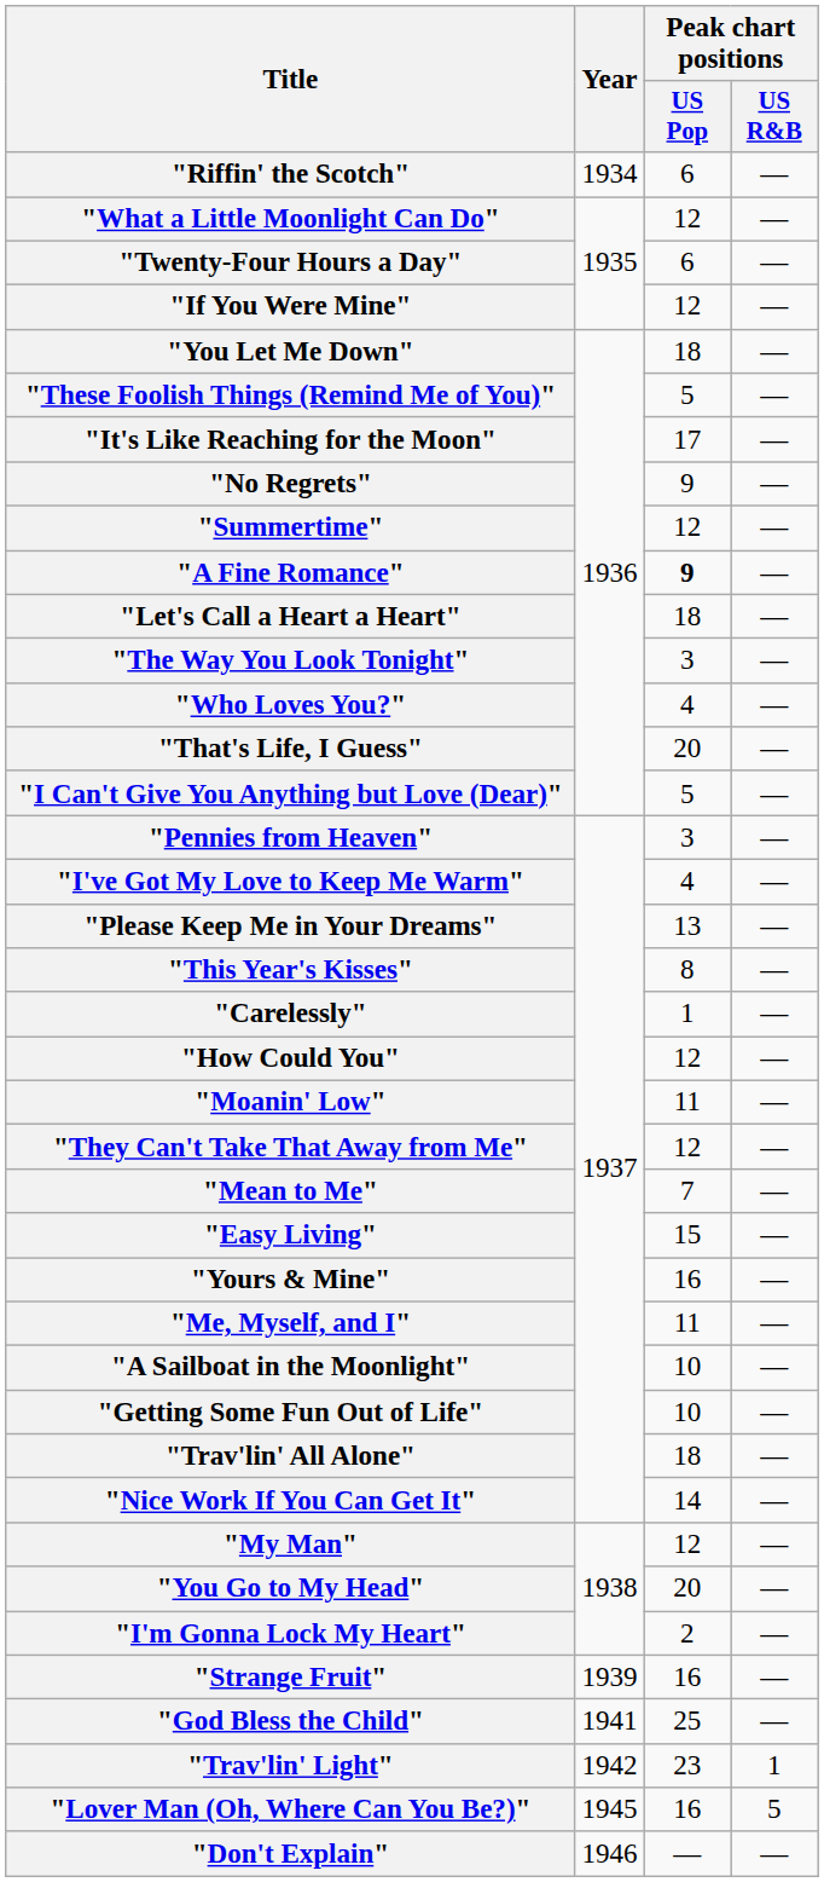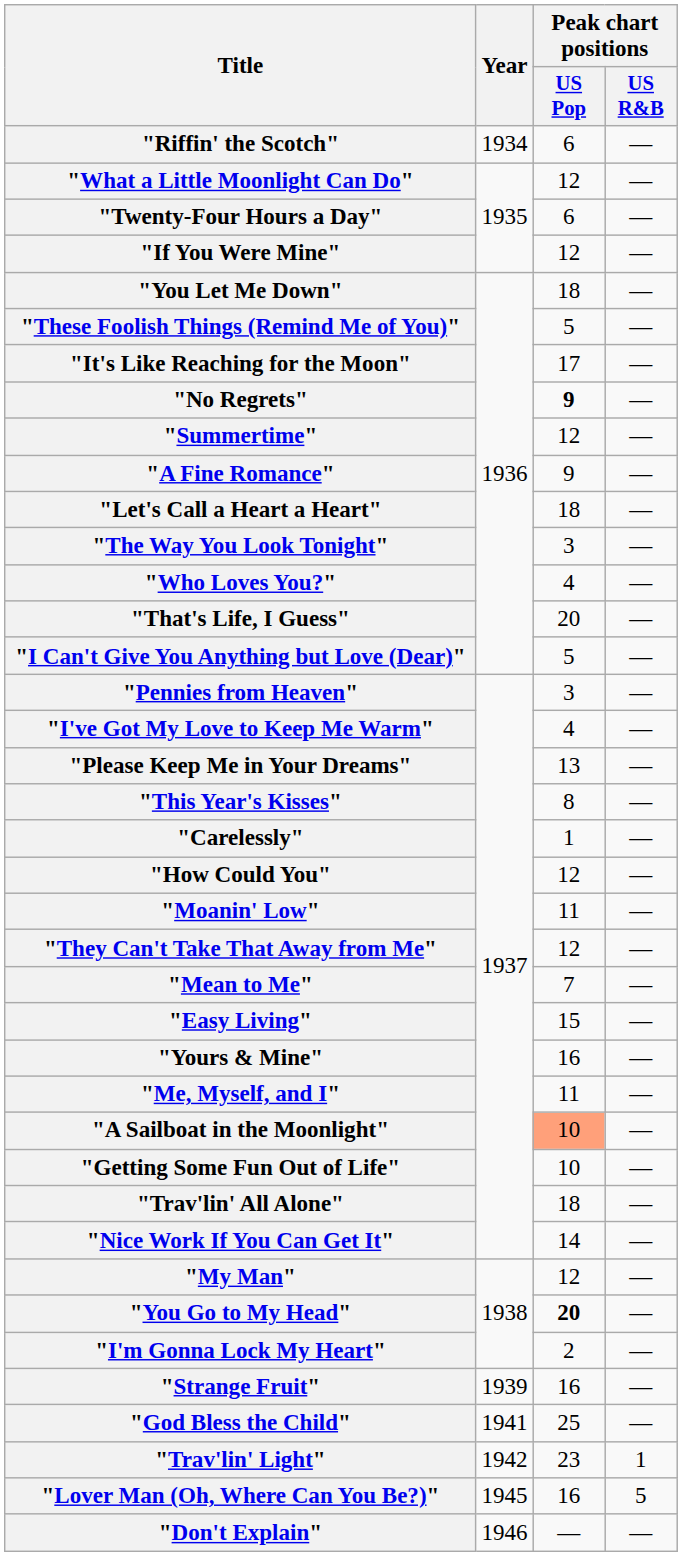 <table class="wikitable plainrowheaders" style="text-align:center;">
 <tr>
 <th scope="col" rowspan="2" style="width:20em;">Title</th>
 <th scope="col" rowspan="2">Year</th>
 <th scope="col" colspan="5">Peak chart positions</th>
 </tr>
 <tr>
 <th scope="col" style="width:3em;font-size:90%;"><a href='#'>US<br>Pop</a></th>
 <th scope="col" style="width:3em;font-size:90%;"><a href='#'>US<br>R&B</a></th>
 </tr>
 <tr>
 <th scope="row">"Riffin' the Scotch"</th>
 <td>1934</td>
 <td>6</td>
 <td>—</td>
 </tr>
 <tr>
 <th scope="row">"<a href='#'>What a Little Moonlight Can Do</a>"</th>
 <td rowspan="3">1935</td>
 <td>12</td>
 <td>—</td>
 </tr>
 <tr>
 <th scope="row">"Twenty-Four Hours a Day"</th>
 <td>6</td>
 <td>—</td>
 </tr>
 <tr>
 <th scope="row">"If You Were Mine"</th>
 <td>12</td>
 <td>—</td>
 </tr>
 <tr>
 <th scope="row">"You Let Me Down"</th>
 <td rowspan="11">1936</td>
 <td>18</td>
 <td>—</td>
 </tr>
 <tr>
 <th scope="row">"<a href='#'>These Foolish Things (Remind Me of You)</a>"</th>
 <td>5</td>
 <td>—</td>
 </tr>
 <tr>
 <th scope="row">"It's Like Reaching for the Moon"</th>
 <td>17</td>
 <td>—</td>
 </tr>
 <tr>
 <th scope="row">"No Regrets"</th>
-<td>9</td>
+<td><strong>9</strong></td>
 <td>—</td>
 </tr>
 <tr>
 <th scope="row">"<a href='#'>Summertime</a>"</th>
 <td>12</td>
 <td>—</td>
 </tr>
 <tr>
 <th scope="row">"<a href='#'>A Fine Romance</a>"</th>
-<td><strong>9</strong></td>
+<td>9</td>
 <td>—</td>
 </tr>
 <tr>
 <th scope="row">"Let's Call a Heart a Heart"</th>
 <td>18</td>
 <td>—</td>
 </tr>
 <tr>
 <th scope="row">"<a href='#'>The Way You Look Tonight</a>"</th>
 <td>3</td>
 <td>—</td>
 </tr>
 <tr>
 <th scope="row">"<a href='#'>Who Loves You?</a>"</th>
 <td>4</td>
 <td>—</td>
 </tr>
 <tr>
 <th scope="row">"That's Life, I Guess"</th>
 <td>20</td>
 <td>—</td>
 </tr>
 <tr>
 <th scope="row">"<a href='#'>I Can't Give You Anything but Love (Dear)</a>"</th>
 <td>5</td>
 <td>—</td>
 </tr>
 <tr>
 <th scope="row">"<a href='#'>Pennies from Heaven</a>"</th>
 <td rowspan="16">1937</td>
 <td>3</td>
 <td>—</td>
 </tr>
 <tr>
 <th scope="row">"<a href='#'>I've Got My Love to Keep Me Warm</a>"</th>
 <td>4</td>
 <td>—</td>
 </tr>
 <tr>
 <th scope="row">"Please Keep Me in Your Dreams"</th>
 <td>13</td>
 <td>—</td>
 </tr>
 <tr>
 <th scope="row">"<a href='#'>This Year's Kisses</a>"</th>
 <td>8</td>
 <td>—</td>
 </tr>
 <tr>
 <th scope="row">"Carelessly"</th>
 <td>1</td>
 <td>—</td>
 </tr>
 <tr>
 <th scope="row">"How Could You"</th>
 <td>12</td>
 <td>—</td>
 </tr>
 <tr>
 <th scope="row">"<a href='#'>Moanin' Low</a>"</th>
 <td>11</td>
 <td>—</td>
 </tr>
 <tr>
 <th scope="row">"<a href='#'>They Can't Take That Away from Me</a>"</th>
 <td>12</td>
 <td>—</td>
 </tr>
 <tr>
 <th scope="row">"<a href='#'>Mean to Me</a>"</th>
 <td>7</td>
 <td>—</td>
 </tr>
 <tr>
 <th scope="row">"<a href='#'>Easy Living</a>"</th>
 <td>15</td>
 <td>—</td>
 </tr>
 <tr>
 <th scope="row">"Yours & Mine"</th>
 <td>16</td>
 <td>—</td>
 </tr>
 <tr>
 <th scope="row">"<a href='#'>Me, Myself, and I</a>"</th>
 <td>11</td>
 <td>—</td>
 </tr>
 <tr>
 <th scope="row">"A Sailboat in the Moonlight"</th>
-<td>10</td>
+<td style="background: lightsalmon;">10</td>
 <td>—</td>
 </tr>
 <tr>
 <th scope="row">"Getting Some Fun Out of Life"</th>
 <td>10</td>
 <td>—</td>
 </tr>
 <tr>
 <th scope="row">"Trav'lin' All Alone"</th>
 <td>18</td>
 <td>—</td>
 </tr>
 <tr>
 <th scope="row">"<a href='#'>Nice Work If You Can Get It</a>"</th>
 <td>14</td>
 <td>—</td>
 </tr>
 <tr>
 <th scope="row">"<a href='#'>My Man</a>"</th>
 <td rowspan="3">1938</td>
 <td>12</td>
 <td>—</td>
 </tr>
 <tr>
 <th scope="row">"<a href='#'>You Go to My Head</a>"</th>
-<td>20</td>
+<td><strong>20</strong></td>
 <td>—</td>
 </tr>
 <tr>
 <th scope="row">"<a href='#'>I'm Gonna Lock My Heart</a>"</th>
 <td>2</td>
 <td>—</td>
 </tr>
 <tr>
 <th scope="row">"<a href='#'>Strange Fruit</a>"</th>
 <td>1939</td>
 <td>16</td>
 <td>—</td>
 </tr>
 <tr>
 <th scope="row">"<a href='#'>God Bless the Child</a>"</th>
 <td>1941</td>
 <td>25</td>
 <td>—</td>
 </tr>
 <tr>
 <th scope="row">"<a href='#'>Trav'lin' Light</a>"</th>
 <td>1942</td>
 <td>23</td>
 <td>1</td>
 </tr>
 <tr>
 <th scope="row">"<a href='#'>Lover Man (Oh, Where Can You Be?)</a>"</th>
 <td>1945</td>
 <td>16</td>
 <td>5</td>
 </tr>
 <tr>
 <th scope="row">"<a href='#'>Don't Explain</a>"</th>
 <td>1946</td>
 <td>—</td>
 <td>—</td>
 </tr>
 </table>
